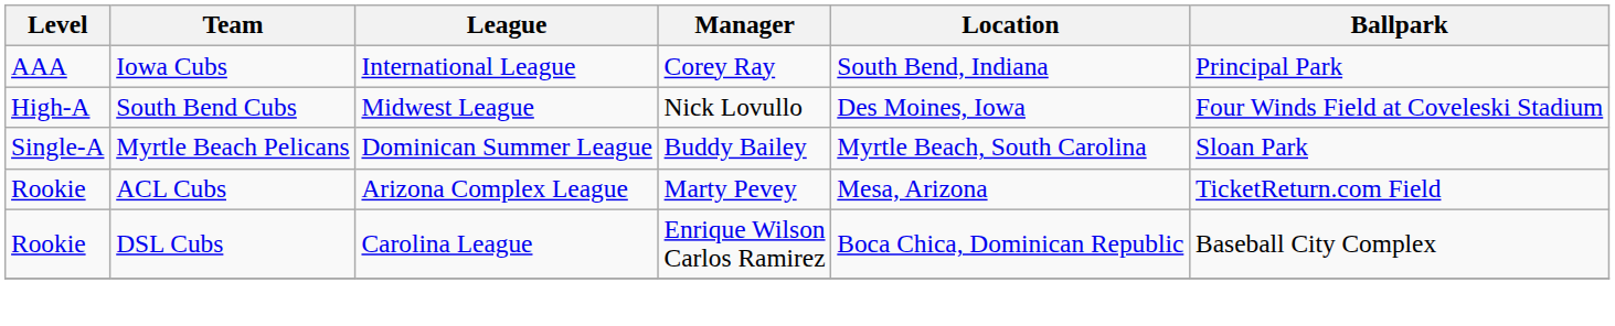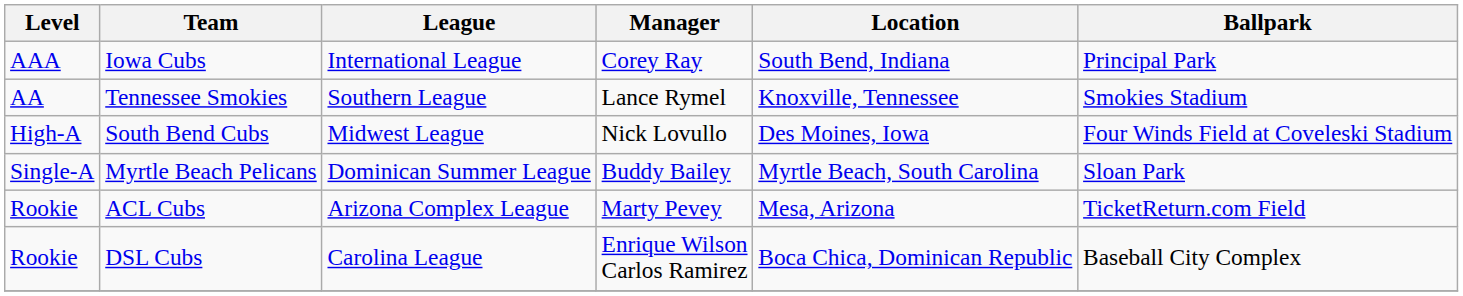 <table class="wikitable">
 <tr>
 <th style="text-align:center; ">Level</th>
 <th style="text-align:center; ">Team</th>
 <th style="text-align:center; ">League</th>
 <th style="text-align:center; ">Manager</th>
 <th style="text-align:center; ">Location</th>
 <th style="text-align:center; ">Ballpark</th>
 </tr>
 <tr>
 <td><a href='#'>AAA</a></td>
 <td><a href='#'>Iowa Cubs</a></td>
 <td><a href='#'>International League</a></td>
 <td><a href='#'>Corey Ray</a></td>
 <td><a href='#'>South Bend, Indiana</a></td>
 <td><a href='#'>Principal Park</a></td>
+</tr>
+<tr>
+<td><a href='#'>AA</a></td>
+<td><a href='#'>Tennessee Smokies</a></td>
+<td><a href='#'>Southern League</a></td>
+<td>Lance Rymel</td>
+<td><a href='#'>Knoxville, Tennessee</a></td>
+<td><a href='#'>Smokies Stadium</a></td>
 </tr>
 <tr>
 <td><a href='#'>High-A</a></td>
 <td><a href='#'>South Bend Cubs</a></td>
 <td><a href='#'>Midwest League</a></td>
 <td>Nick Lovullo</td>
 <td><a href='#'>Des Moines, Iowa</a></td>
 <td><a href='#'>Four Winds Field at Coveleski Stadium</a></td>
 </tr>
 <tr>
 <td><a href='#'>Single-A</a></td>
 <td><a href='#'>Myrtle Beach Pelicans</a></td>
 <td><a href='#'>Dominican Summer League</a></td>
 <td><a href='#'>Buddy Bailey</a></td>
 <td><a href='#'>Myrtle Beach, South Carolina</a></td>
 <td><a href='#'>Sloan Park</a></td>
 </tr>
 <tr>
 <td><a href='#'>Rookie</a></td>
 <td><a href='#'>ACL Cubs</a></td>
 <td><a href='#'>Arizona Complex League</a></td>
 <td><a href='#'>Marty Pevey</a></td>
 <td><a href='#'>Mesa, Arizona</a></td>
 <td><a href='#'>TicketReturn.com Field</a></td>
 </tr>
 <tr>
 <td><a href='#'>Rookie</a></td>
 <td><a href='#'>DSL Cubs</a></td>
 <td><a href='#'>Carolina League</a></td>
 <td><a href='#'>Enrique Wilson</a><br>Carlos Ramirez</td>
 <td><a href='#'>Boca Chica, Dominican Republic</a></td>
 <td>Baseball City Complex</td>
 </tr>
 <tr>
 </tr>
 </table>
